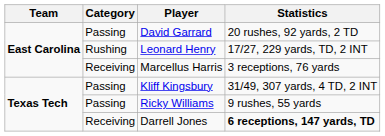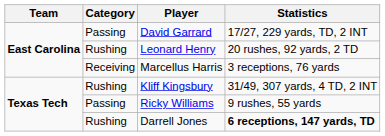 <table class="wikitable" style="float: right;">
 <tr>
 <th>Team</th>
 <th>Category</th>
 <th>Player</th>
 <th>Statistics</th>
 </tr>
 <tr>
 <td rowspan=3><strong>East Carolina</strong></td>
 <td>Passing</td>
 <td><a href='#'>David Garrard</a></td>
-<td>20 rushes, 92 yards, 2 TD</td>
+<td>17/27, 229 yards, TD, 2 INT</td>
 </tr>
 <tr>
 <td>Rushing</td>
 <td><a href='#'>Leonard Henry</a></td>
-<td>17/27, 229 yards, TD, 2 INT</td>
+<td>20 rushes, 92 yards, 2 TD</td>
 </tr>
 <tr>
 <td>Receiving</td>
 <td>Marcellus Harris</td>
 <td>3 receptions, 76 yards</td>
 </tr>
 <tr>
 <td rowspan=3><strong>Texas Tech</strong></td>
-<td>Passing</td>
+<td>Rushing</td>
 <td><a href='#'>Kliff Kingsbury</a></td>
 <td>31/49, 307 yards, 4 TD, 2 INT</td>
 </tr>
 <tr>
 <td>Passing</td>
 <td><a href='#'>Ricky Williams</a></td>
 <td>9 rushes, 55 yards</td>
 </tr>
 <tr>
-<td>Receiving</td>
+<td>Rushing</td>
 <td>Darrell Jones</td>
 <td><strong>6 receptions, 147 yards, TD</strong></td>
 </tr>
 </table>
